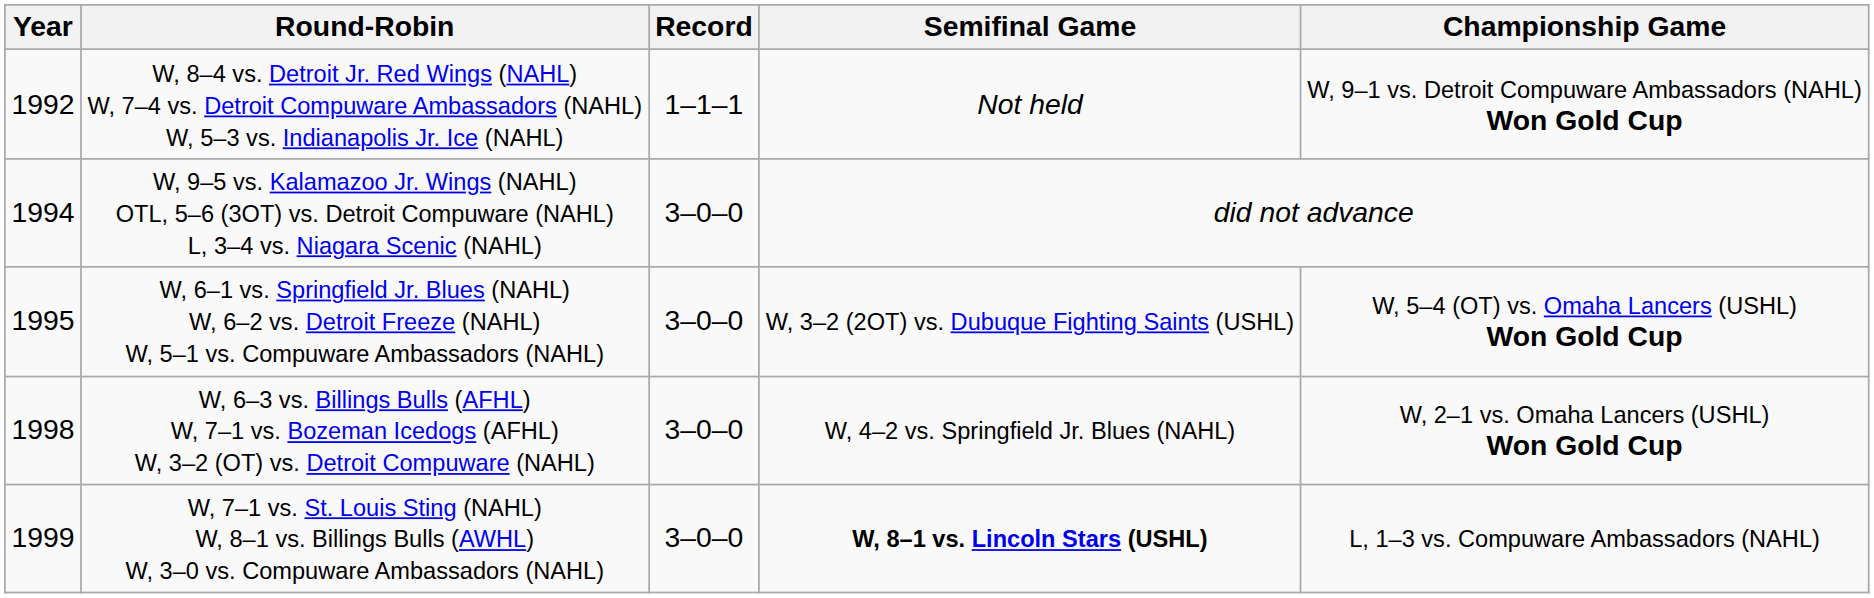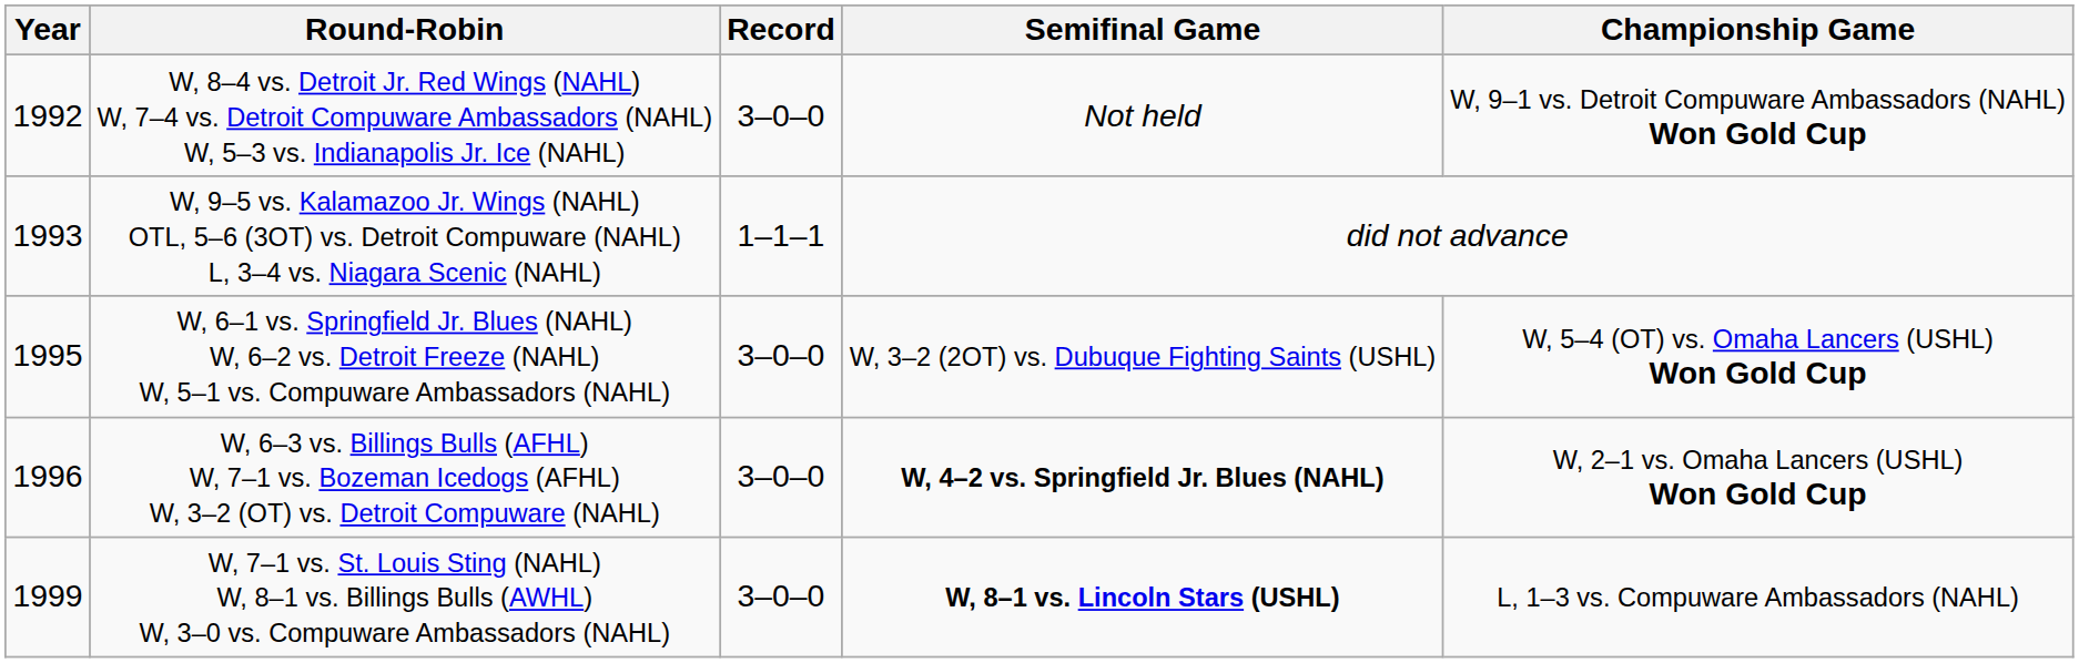 <table class="wikitable" style="text-align:center">
 <tr>
 <th>Year</th>
 <th>Round-Robin</th>
 <th>Record</th>
 <th>Semifinal Game</th>
 <th>Championship Game</th>
 </tr>
 <tr>
 <td>1992</td>
 <td><small>W, 8–4 vs.  <a href='#'>Detroit Jr. Red Wings</a> (<a href='#'>NAHL</a>)<br>W, 7–4 vs. <a href='#'>Detroit Compuware Ambassadors</a> (NAHL)<br>W, 5–3 vs. <a href='#'>Indianapolis Jr. Ice</a> (NAHL)</small></td>
-<td>1–1–1</td>
+<td>3–0–0</td>
 <td><em>Not held</em></td>
 <td><small>W, 9–1 vs. Detroit Compuware Ambassadors (NAHL)</small><br><strong>Won Gold Cup</strong></td>
 </tr>
 <tr>
-<td>1994</td>
+<td>1993</td>
 <td><small>W, 9–5 vs. <a href='#'>Kalamazoo Jr. Wings</a> (NAHL)<br>OTL, 5–6 (3OT) vs. Detroit Compuware (NAHL)<br>L, 3–4 vs. <a href='#'>Niagara Scenic</a> (NAHL)</small></td>
-<td>3–0–0</td>
+<td>1–1–1</td>
 <td colspan=2><em>did not advance</em></td>
 </tr>
 <tr>
 <td>1995</td>
 <td><small>W, 6–1 vs. <a href='#'>Springfield Jr. Blues</a> (NAHL)<br>W, 6–2 vs. <a href='#'>Detroit Freeze</a> (NAHL)<br>W, 5–1 vs. Compuware Ambassadors (NAHL)</small></td>
 <td>3–0–0</td>
 <td><small>W, 3–2 (2OT) vs. <a href='#'>Dubuque Fighting Saints</a> (USHL)</small></td>
 <td><small>W, 5–4 (OT) vs. <a href='#'>Omaha Lancers</a> (USHL)</small><br><strong>Won Gold Cup</strong></td>
 </tr>
 <tr>
-<td>1998</td>
+<td>1996</td>
 <td><small>W, 6–3 vs. <a href='#'>Billings Bulls</a> (<a href='#'>AFHL</a>)<br>W, 7–1 vs. <a href='#'>Bozeman Icedogs</a> (AFHL)<br>W, 3–2 (OT) vs. <a href='#'>Detroit Compuware</a> (NAHL)</small></td>
 <td>3–0–0</td>
-<td><small>W, 4–2 vs. Springfield Jr. Blues (NAHL)</small></td>
+<td><strong><small>W, 4–2 vs. Springfield Jr. Blues (NAHL)</small></strong></td>
 <td><small>W, 2–1 vs. Omaha Lancers (USHL)</small><br><strong>Won Gold Cup</strong></td>
 </tr>
 <tr>
 <td>1999</td>
 <td><small>W, 7–1 vs. <a href='#'>St. Louis Sting</a> (NAHL)<br>W, 8–1 vs. Billings Bulls (<a href='#'>AWHL</a>)<br>W, 3–0 vs. Compuware Ambassadors (NAHL)</small></td>
 <td>3–0–0</td>
 <td><strong><small>W, 8–1 vs. <a href='#'>Lincoln Stars</a> (USHL)</small></strong></td>
 <td><small>L, 1–3 vs. Compuware Ambassadors (NAHL)</small></td>
 </tr>
 </table>
